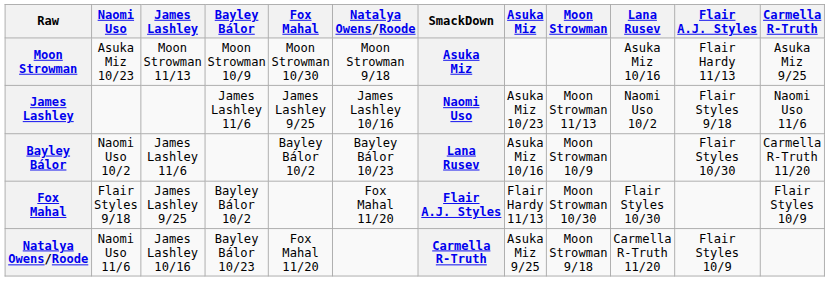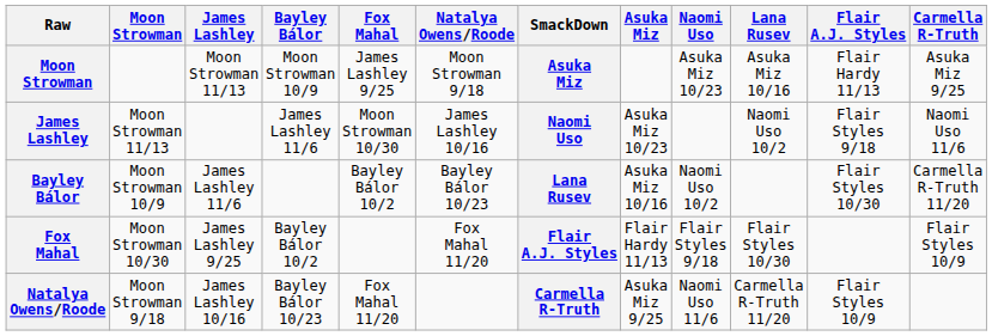 <table class="wikitable" align="center" style="margin: 1em auto 1em auto">
 <tr>
 <th>Raw</th>
-<th><a href='#'>Naomi</a><br><a href='#'>Uso</a></th>
+<th><a href='#'>Moon</a><br><a href='#'>Strowman</a></th>
 <th><a href='#'>James</a><br><a href='#'>Lashley</a></th>
 <th><a href='#'>Bayley</a><br><a href='#'>Bálor</a></th>
 <th><a href='#'>Fox</a><br><a href='#'>Mahal</a></th>
 <th><a href='#'>Natalya</a><br><a href='#'>Owens</a>/<a href='#'>Roode</a></th>
 <th>SmackDown</th>
 <th><a href='#'>Asuka</a><br><a href='#'>Miz</a></th>
-<th><a href='#'>Moon</a><br><a href='#'>Strowman</a></th>
+<th><a href='#'>Naomi</a><br><a href='#'>Uso</a></th>
 <th><a href='#'>Lana</a><br><a href='#'>Rusev</a></th>
 <th><a href='#'>Flair</a><br><a href='#'>A.J. Styles</a></th>
 <th><a href='#'>Carmella</a><br><a href='#'>R-Truth</a></th>
 </tr>
 <tr align="center">
 <th><a href='#'>Moon</a><br><a href='#'>Strowman</a></th>
-<td>Asuka<br>Miz<br>10/23</td>
+<td></td>
 <td>Moon<br>Strowman<br>11/13</td>
 <td>Moon<br>Strowman<br>10/9</td>
-<td>Moon<br>Strowman<br>10/30</td>
+<td>James<br>Lashley<br>9/25</td>
 <td>Moon<br>Strowman<br>9/18</td>
 <th><a href='#'>Asuka</a><br><a href='#'>Miz</a></th>
 <td></td>
-<td></td>
+<td>Asuka<br>Miz<br>10/23</td>
 <td>Asuka<br>Miz<br>10/16</td>
 <td>Flair<br>Hardy<br>11/13</td>
 <td>Asuka<br>Miz<br>9/25</td>
 </tr>
 <tr align="center">
 <th><a href='#'>James</a><br><a href='#'>Lashley</a></th>
-<td></td>
+<td>Moon<br>Strowman<br>11/13</td>
 <td></td>
 <td>James<br>Lashley<br>11/6</td>
-<td>James<br>Lashley<br>9/25</td>
+<td>Moon<br>Strowman<br>10/30</td>
 <td>James<br>Lashley<br>10/16</td>
 <th><a href='#'>Naomi</a><br><a href='#'>Uso</a></th>
 <td>Asuka<br>Miz<br>10/23</td>
-<td>Moon<br>Strowman<br>11/13</td>
+<td></td>
 <td>Naomi<br>Uso<br>10/2</td>
 <td>Flair<br>Styles<br>9/18</td>
 <td>Naomi<br>Uso<br>11/6</td>
 </tr>
 <tr align="center">
 <th><a href='#'>Bayley</a><br><a href='#'>Bálor</a></th>
-<td>Naomi<br>Uso<br>10/2</td>
+<td>Moon<br>Strowman<br>10/9</td>
 <td>James<br>Lashley<br>11/6</td>
 <td></td>
 <td>Bayley<br>Bálor<br>10/2</td>
 <td>Bayley<br>Bálor<br>10/23</td>
 <th><a href='#'>Lana</a><br><a href='#'>Rusev</a></th>
 <td>Asuka<br>Miz<br>10/16</td>
-<td>Moon<br>Strowman<br>10/9</td>
+<td>Naomi<br>Uso<br>10/2</td>
 <td></td>
 <td>Flair<br>Styles<br>10/30</td>
 <td>Carmella<br>R-Truth<br>11/20</td>
 </tr>
 <tr align="center">
 <th><a href='#'>Fox</a><br><a href='#'>Mahal</a></th>
-<td>Flair<br>Styles<br>9/18</td>
+<td>Moon<br>Strowman<br>10/30</td>
 <td>James<br>Lashley<br>9/25</td>
 <td>Bayley<br>Bálor<br>10/2</td>
 <td></td>
 <td>Fox<br>Mahal<br>11/20</td>
 <th><a href='#'>Flair</a><br><a href='#'>A.J. Styles</a></th>
 <td>Flair<br>Hardy<br>11/13</td>
-<td>Moon<br>Strowman<br>10/30</td>
+<td>Flair<br>Styles<br>9/18</td>
 <td>Flair<br>Styles<br>10/30</td>
 <td></td>
 <td>Flair<br>Styles<br>10/9</td>
 </tr>
 <tr align="center">
 <th><a href='#'>Natalya</a><br><a href='#'>Owens</a>/<a href='#'>Roode</a></th>
-<td>Naomi<br>Uso<br>11/6</td>
+<td>Moon<br>Strowman<br>9/18</td>
 <td>James<br>Lashley<br>10/16</td>
 <td>Bayley<br>Bálor<br>10/23</td>
 <td>Fox<br>Mahal<br>11/20</td>
 <td></td>
 <th><a href='#'>Carmella</a><br><a href='#'>R-Truth</a></th>
 <td>Asuka<br>Miz<br>9/25</td>
-<td>Moon<br>Strowman<br>9/18</td>
+<td>Naomi<br>Uso<br>11/6</td>
 <td>Carmella<br>R-Truth<br>11/20</td>
 <td>Flair<br>Styles<br>10/9</td>
 <td></td>
 </tr>
 </table>
